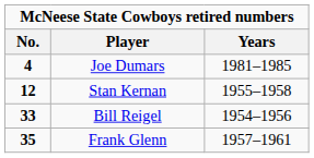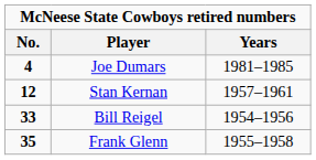 <table class="wikitable sortable" style="text-align:center">
 <tr>
 <td colspan="5"><strong>McNeese State Cowboys retired numbers</strong></td>
 </tr>
 <tr>
 <th width=40px>No.</th>
 <th width=150px>Player</th>
 <th width=100px>Years</th>
 </tr>
 <tr>
 <td><strong>4</strong></td>
 <td><a href='#'>Joe Dumars</a></td>
 <td>1981–1985</td>
 </tr>
 <tr>
 <td><strong>12</strong></td>
 <td><a href='#'>Stan Kernan</a></td>
-<td>1955–1958</td>
+<td>1957–1961</td>
 </tr>
 <tr>
 <td><strong>33</strong></td>
 <td><a href='#'>Bill Reigel</a></td>
 <td>1954–1956</td>
 </tr>
 <tr>
 <td><strong>35</strong></td>
 <td><a href='#'>Frank Glenn</a></td>
-<td>1957–1961</td>
+<td>1955–1958</td>
 </tr>
 </table>
